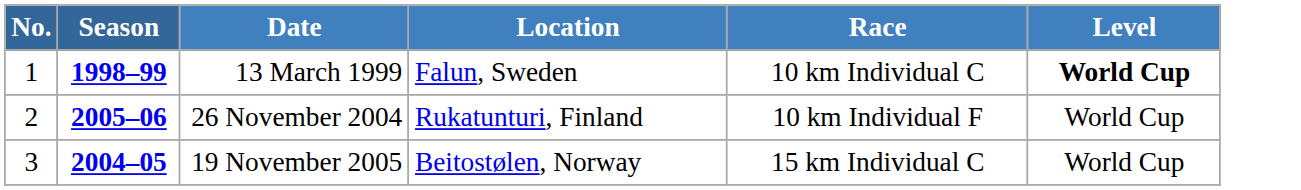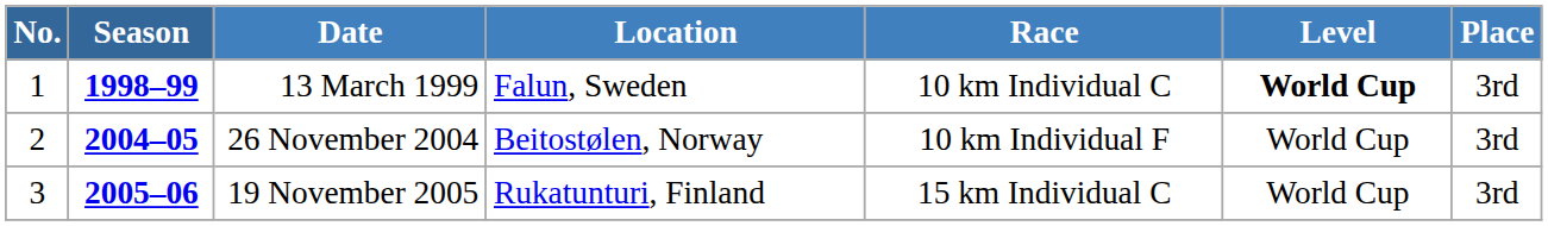 <table class="wikitable sortable" style="font-size:95%; text-align:center; border:grey solid 1px; border-collapse:collapse; background:#ffffff;">
 <tr style="background:#efefef;">
 <th style="background-color:#369; color:white;">No.</th>
 <th style="background-color:#369; color:white;">Season</th>
 <th style="background-color:#4180be; color:white; width:120px;">Date</th>
 <th style="background-color:#4180be; color:white; width:170px;">Location</th>
 <th style="background-color:#4180be; color:white; width:160px;">Race</th>
 <th style="background-color:#4180be; color:white; width:100px;">Level</th>
+<th style="background-color:#4180be; color:white;">Place</th>
 </tr>
 <tr>
 <td align=center>1</td>
 <td rowspan=1 align=center><strong> <a href='#'>1998–99</a> </strong></td>
 <td align=right>13 March 1999</td>
 <td align=left> <a href='#'>Falun</a>, Sweden</td>
 <td>10 km Individual C</td>
 <td><strong>World Cup</strong></td>
+<td>3rd</td>
 </tr>
 <tr>
 <td align=center>2</td>
-<td rowspan=1 align=center><strong> <a href='#'>2005–06</a> </strong></td>
+<td rowspan=1 align=center><strong> <a href='#'>2004–05</a> </strong></td>
 <td align=right>26 November 2004</td>
-<td align=left> <a href='#'>Rukatunturi</a>, Finland</td>
+<td align=left> <a href='#'>Beitostølen</a>, Norway</td>
 <td>10 km Individual F</td>
 <td>World Cup</td>
+<td>3rd</td>
 </tr>
 <tr>
 <td align=center>3</td>
-<td rowspan=1 align=center><strong> <a href='#'>2004–05</a> </strong></td>
+<td rowspan=1 align=center><strong> <a href='#'>2005–06</a> </strong></td>
 <td align=right>19 November 2005</td>
-<td align=left> <a href='#'>Beitostølen</a>, Norway</td>
+<td align=left> <a href='#'>Rukatunturi</a>, Finland</td>
 <td>15 km Individual C</td>
 <td>World Cup</td>
+<td>3rd</td>
 </tr>
 </table>
